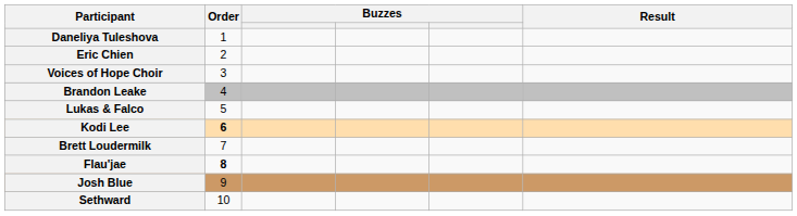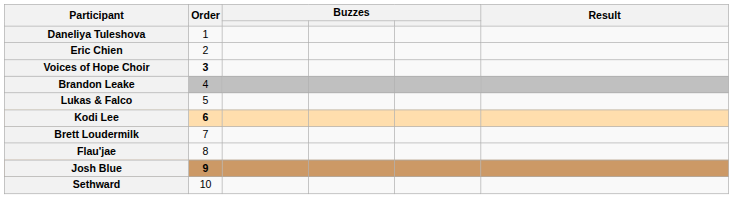 <table class="wikitable plainrowheaders sortable" style="text-align:center;">
 <tr>
 <th scope="col" rowspan="2" class="unsortable" style="width:17em;">Participant</th>
 <th scope="col" rowspan="2" style="width:1em;">Order</th>
 <th scope="col" colspan="3" class="unsortable" style="width:24em;">Buzzes</th>
 <th scope="col" rowspan="2" style="width:23em;">Result</th>
 </tr>
 <tr>
 <th scope="col" class="unsortable" style="width:6em;"></th>
 <th scope="col" class="unsortable" style="width:6em;"></th>
 <th scope="col" class="unsortable" style="width:6em;"></th>
 </tr>
 <tr>
 <th scope="row">Daneliya Tuleshova</th>
 <td>1</td>
 <td style="text-align:center;"></td>
 <td style="text-align:center;"></td>
 <td style="text-align:center;"></td>
 <td></td>
 </tr>
 <tr>
 <th scope="row">Eric Chien</th>
 <td>2</td>
 <td style="text-align:center;"></td>
 <td style="text-align:center;"></td>
 <td style="text-align:center;"></td>
 <td></td>
 </tr>
 <tr>
 <th scope="row">Voices of Hope Choir</th>
-<td>3</td>
+<td><strong>3</strong></td>
 <td style="text-align:center;"></td>
 <td style="text-align:center;"></td>
 <td style="text-align:center;"></td>
 <td></td>
 </tr>
 <tr bgcolor=silver>
 <th scope="row">Brandon Leake</th>
 <td>4</td>
 <td style="text-align:center;"></td>
 <td style="text-align:center;"></td>
 <td style="text-align:center;"></td>
 <td></td>
 </tr>
 <tr>
 <th scope="row">Lukas & Falco</th>
 <td>5</td>
 <td style="text-align:center;"></td>
 <td style="text-align:center;"></td>
 <td style="text-align:center;"></td>
 <td></td>
 </tr>
 <tr bgcolor=NavajoWhite>
 <th scope="row"><strong>Kodi Lee</strong></th>
 <td><strong>6</strong></td>
 <td style="text-align:center;"></td>
 <td style="text-align:center;"></td>
 <td style="text-align:center;"></td>
 <td><strong></strong></td>
 </tr>
 <tr>
 <th scope="row">Brett Loudermilk</th>
 <td>7</td>
 <td style="text-align:center;"></td>
 <td style="text-align:center;"></td>
 <td style="text-align:center;"></td>
 <td></td>
 </tr>
 <tr>
 <th scope="row">Flau'jae</th>
-<td><strong>8</strong></td>
+<td>8</td>
 <td style="text-align:center;"></td>
 <td style="text-align:center;"></td>
 <td style="text-align:center;"></td>
 <td></td>
 </tr>
 <tr bgcolor=#c96>
 <th scope="row">Josh Blue</th>
-<td>9</td>
+<td><strong>9</strong></td>
 <td style="text-align:center;"></td>
 <td style="text-align:center;"></td>
 <td style="text-align:center;"></td>
 <td></td>
 </tr>
 <tr>
 <th scope="row">Sethward</th>
 <td>10</td>
 <td style="text-align:center;"></td>
 <td style="text-align:center;"></td>
 <td style="text-align:center;"></td>
 <td></td>
 </tr>
 </table>
